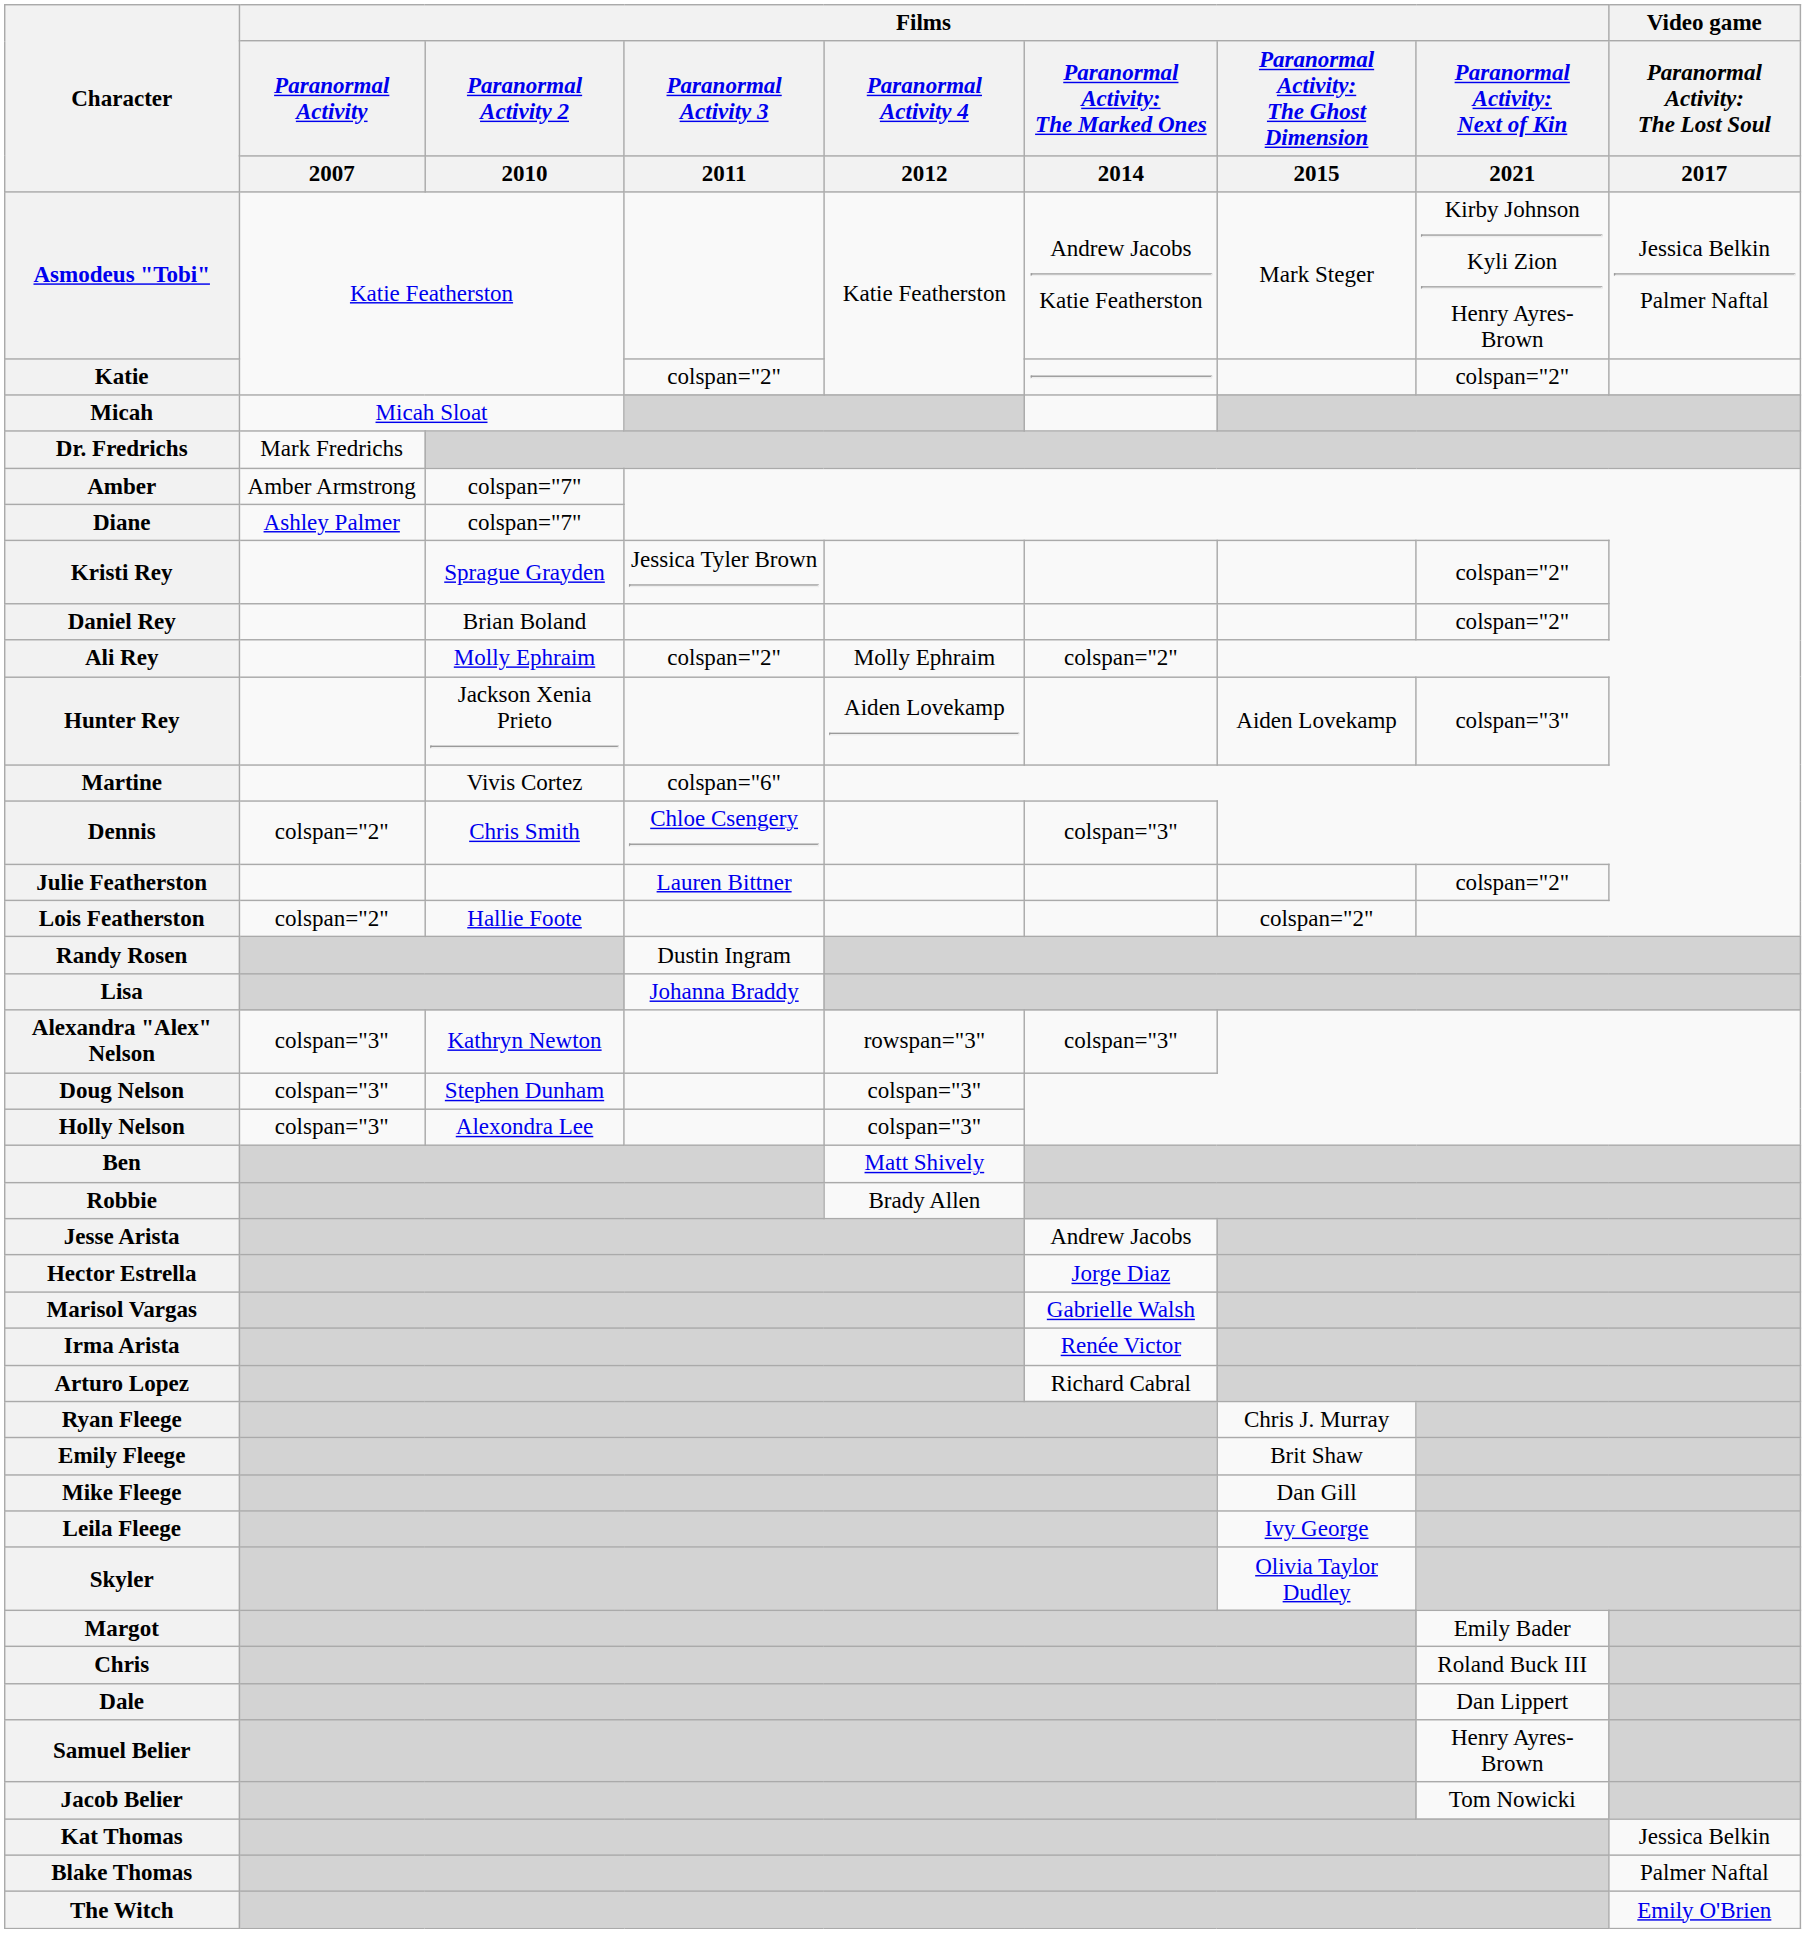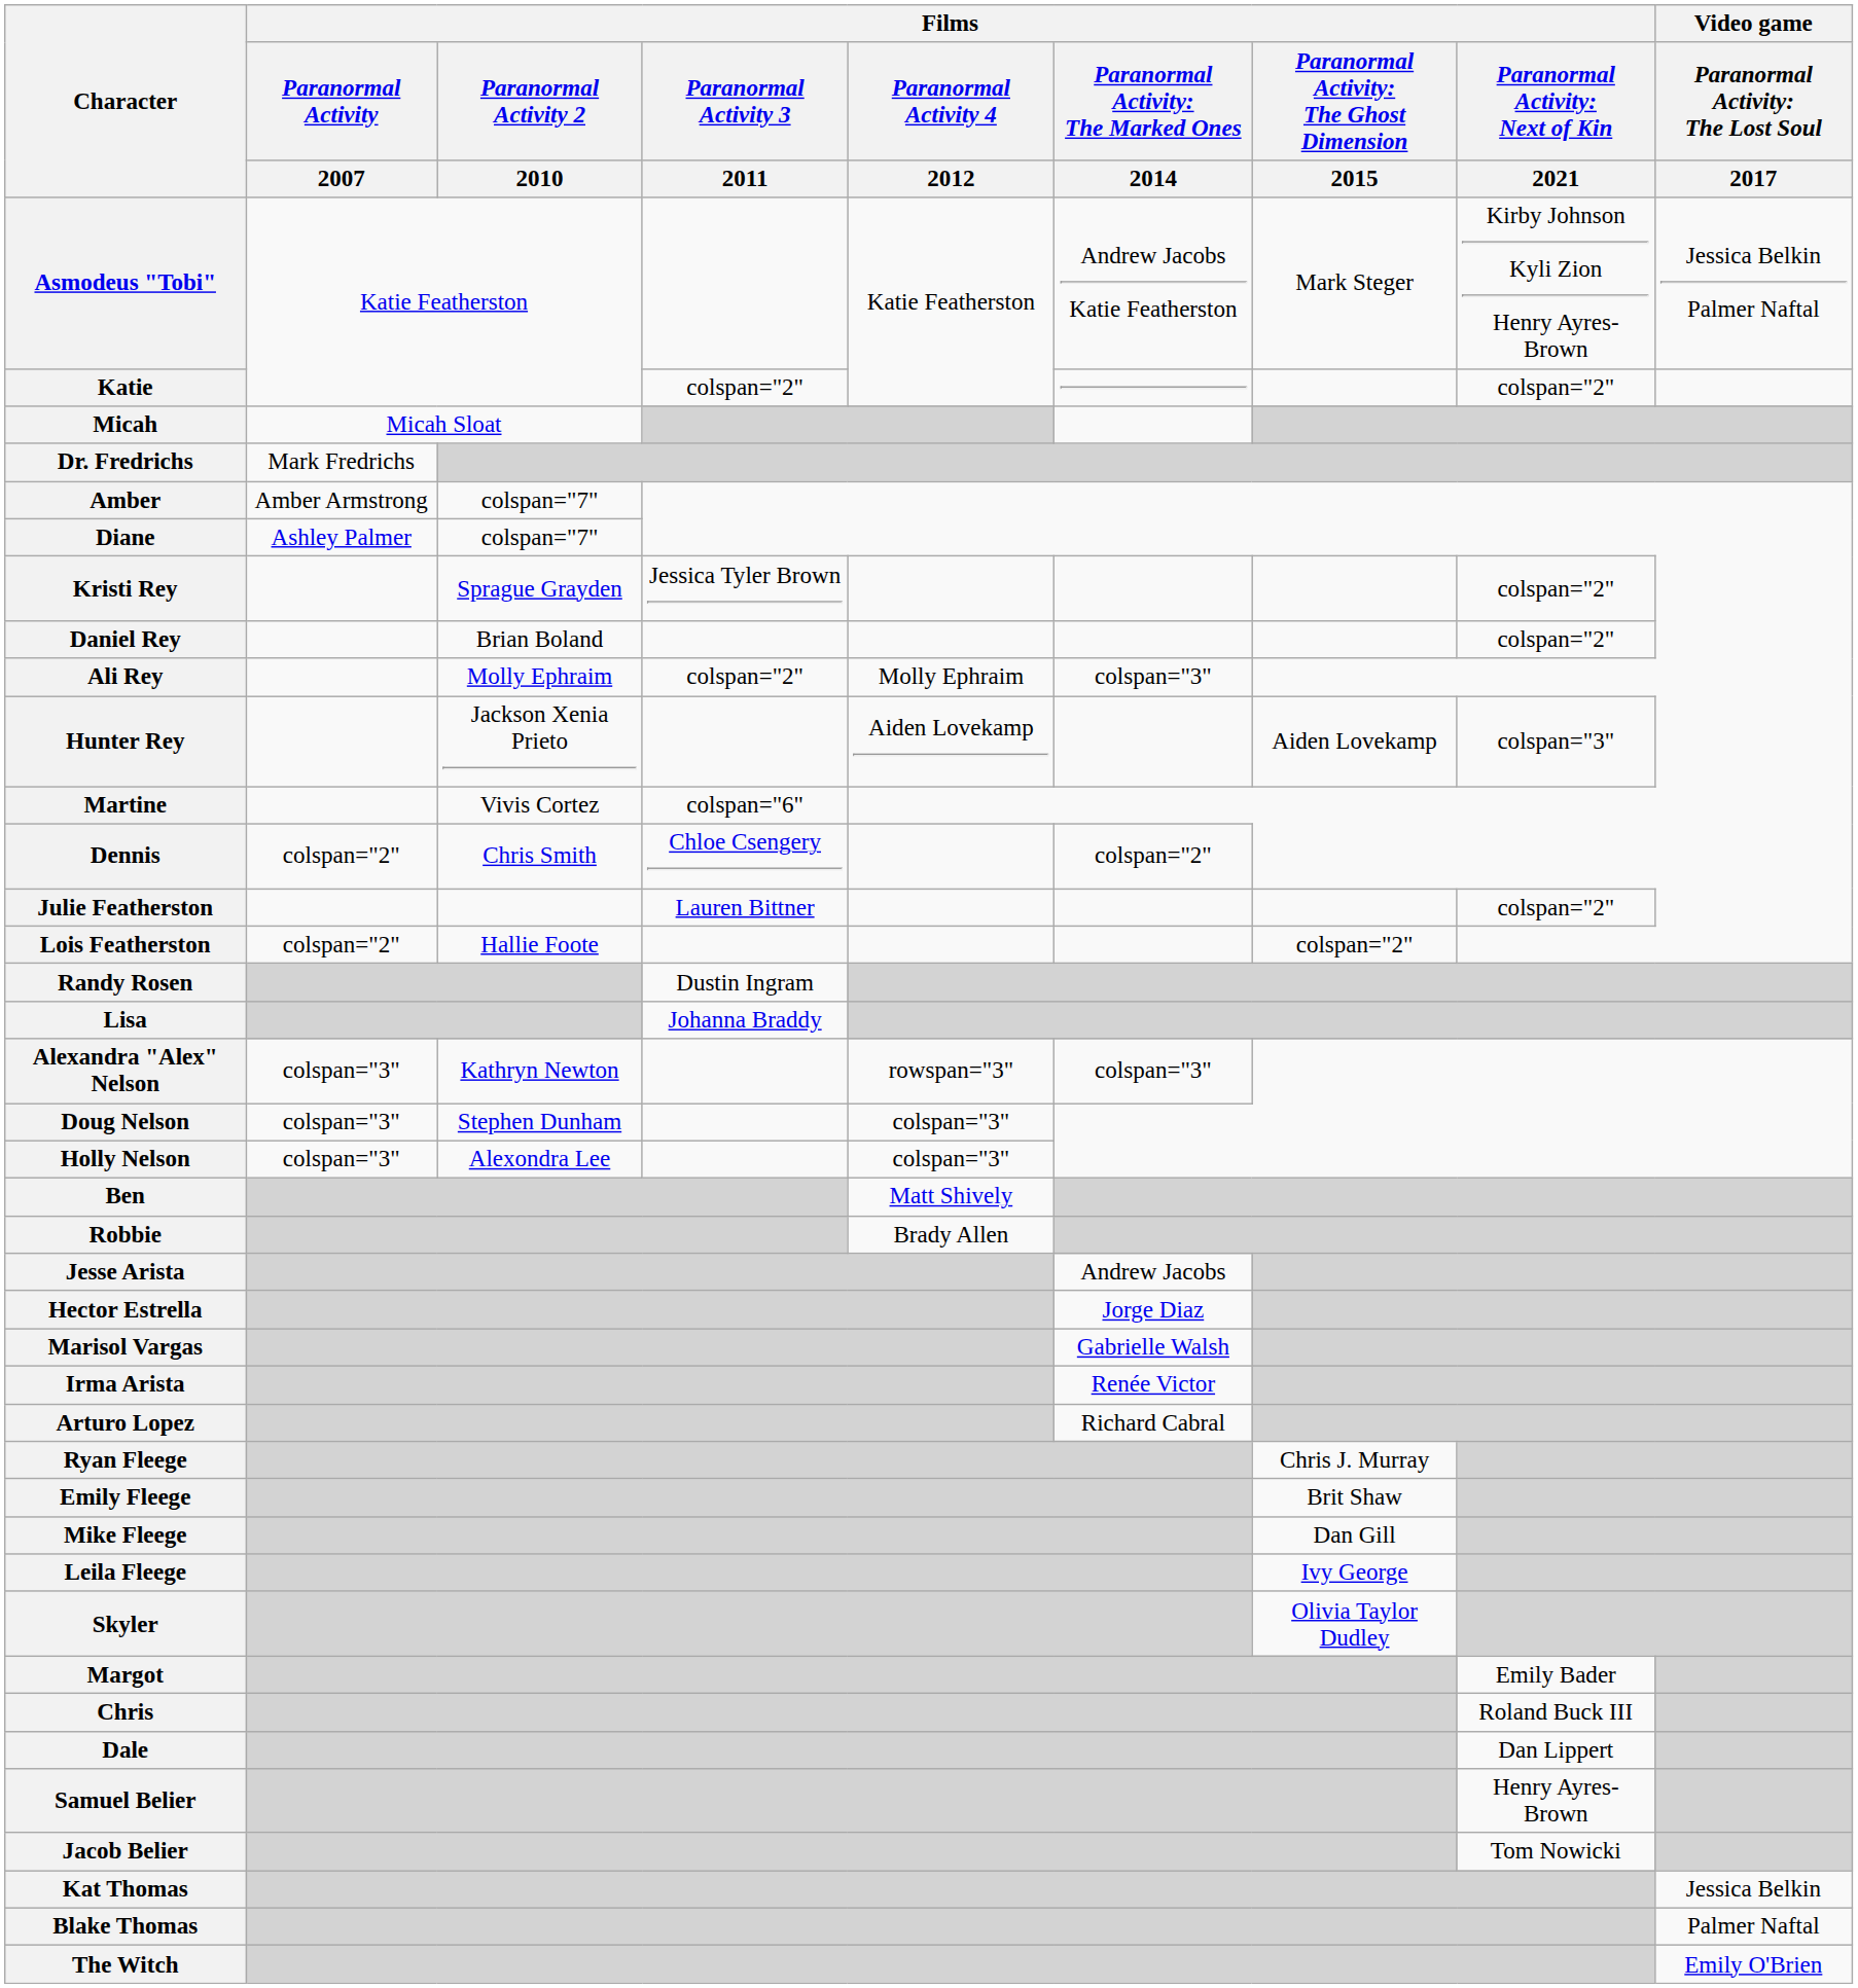 <table class="wikitable" style="text-align:center;">
 <tr>
 <th rowspan="3">Character</th>
 <th colspan="7">Films</th>
 <th>Video game</th>
 </tr>
 <tr>
 <th><em><a href='#'>Paranormal Activity</a></em></th>
 <th><em><a href='#'>Paranormal Activity 2</a></em></th>
 <th><em><a href='#'>Paranormal Activity 3</a></em></th>
 <th><em><a href='#'>Paranormal Activity 4</a></em></th>
 <th><em><a href='#'>Paranormal Activity:<br>The Marked Ones</a></em></th>
 <th><em><a href='#'>Paranormal Activity:<br>The Ghost Dimension</a></em></th>
 <th><em><a href='#'>Paranormal Activity:<br>Next of Kin</a></em></th>
 <th><em>Paranormal Activity:<br>The Lost Soul</em></th>
 </tr>
 <tr>
 <th>2007</th>
 <th>2010</th>
 <th>2011</th>
 <th>2012</th>
 <th>2014</th>
 <th>2015</th>
 <th>2021</th>
 <th>2017</th>
 </tr>
 <tr>
 <th><a href='#'>Asmodeus "Tobi"</a><br></th>
 <td colspan="2" rowspan="2"><a href='#'>Katie Featherston</a></td>
 <td></td>
 <td rowspan="2">Katie Featherston</td>
 <td>Andrew Jacobs<hr>Katie Featherston</td>
 <td>Mark Steger</td>
 <td>Kirby Johnson<hr>Kyli Zion<hr>Henry Ayres-Brown</td>
 <td>Jessica Belkin<hr>Palmer Naftal</td>
 </tr>
 <tr>
 <th>Katie</th>
 <td>colspan="2" </td>
 <td><hr></td>
 <td></td>
 <td>colspan="2" </td>
 </tr>
 <tr>
 <th>Micah</th>
 <td colspan="2"><a href='#'>Micah Sloat</a></td>
 <td colspan="2" style="background:lightgrey;"></td>
 <td></td>
 <td colspan="3" style="background:lightgrey;"></td>
 </tr>
 <tr>
 <th>Dr. Fredrichs</th>
 <td>Mark Fredrichs</td>
 <td colspan="7" style="background:lightgrey;"></td>
 </tr>
 <tr>
 <th>Amber</th>
 <td>Amber Armstrong</td>
 <td>colspan="7" </td>
 </tr>
 <tr>
 <th>Diane</th>
 <td><a href='#'>Ashley Palmer</a></td>
 <td>colspan="7" </td>
 </tr>
 <tr>
 <th>Kristi Rey</th>
 <td></td>
 <td><a href='#'>Sprague Grayden</a></td>
 <td>Jessica Tyler Brown<hr></td>
 <td></td>
 <td></td>
 <td></td>
 <td>colspan="2" </td>
 </tr>
 <tr>
 <th>Daniel Rey</th>
 <td></td>
 <td>Brian Boland</td>
 <td></td>
 <td></td>
 <td></td>
 <td></td>
 <td>colspan="2" </td>
 </tr>
 <tr>
 <th>Ali Rey</th>
 <td></td>
 <td><a href='#'>Molly Ephraim</a></td>
 <td>colspan="2" </td>
 <td>Molly Ephraim</td>
-<td>colspan="2" </td>
+<td>colspan="3" </td>
 </tr>
 <tr>
 <th>Hunter Rey<br></th>
 <td></td>
 <td>Jackson Xenia Prieto<hr></td>
 <td></td>
 <td>Aiden Lovekamp<hr></td>
 <td></td>
 <td>Aiden Lovekamp</td>
 <td>colspan="3" </td>
 </tr>
 <tr>
 <th>Martine</th>
 <td></td>
 <td>Vivis Cortez</td>
 <td>colspan="6" </td>
 </tr>
 <tr>
 <th>Dennis</th>
 <td>colspan="2" </td>
 <td><a href='#'>Chris Smith</a></td>
 <td><a href='#'>Chloe Csengery</a><hr></td>
 <td></td>
-<td>colspan="3" </td>
+<td>colspan="2" </td>
 </tr>
 <tr>
 <th>Julie Featherston</th>
 <td></td>
 <td></td>
 <td><a href='#'>Lauren Bittner</a></td>
 <td></td>
 <td></td>
 <td></td>
 <td>colspan="2" </td>
 </tr>
 <tr>
 <th>Lois Featherston</th>
 <td>colspan="2" </td>
 <td><a href='#'>Hallie Foote</a></td>
 <td></td>
 <td></td>
 <td></td>
 <td>colspan="2" </td>
 </tr>
 <tr>
 <th>Randy Rosen</th>
 <td colspan="2" style="background:lightgrey;"></td>
 <td>Dustin Ingram</td>
 <td colspan="5" style="background:lightgrey;"></td>
 </tr>
 <tr>
 <th>Lisa</th>
 <td colspan="2" style="background:lightgrey;"></td>
 <td><a href='#'>Johanna Braddy</a></td>
 <td colspan="5" style="background:lightgrey;"></td>
 </tr>
 <tr>
 <th>Alexandra "Alex" Nelson</th>
 <td>colspan="3" </td>
 <td><a href='#'>Kathryn Newton</a></td>
 <td></td>
 <td>rowspan="3" </td>
 <td>colspan="3" </td>
 </tr>
 <tr>
 <th>Doug Nelson</th>
 <td>colspan="3" </td>
 <td><a href='#'>Stephen Dunham</a></td>
 <td></td>
 <td>colspan="3" </td>
 </tr>
 <tr>
 <th>Holly Nelson</th>
 <td>colspan="3" </td>
 <td><a href='#'>Alexondra Lee</a></td>
 <td></td>
 <td>colspan="3" </td>
 </tr>
 <tr>
 <th>Ben</th>
 <td colspan="3" style="background:lightgrey;"></td>
 <td><a href='#'>Matt Shively</a></td>
 <td colspan="4" style="background:lightgrey;"></td>
 </tr>
 <tr>
 <th>Robbie</th>
 <td colspan="3" style="background:lightgrey;"></td>
 <td>Brady Allen</td>
 <td colspan="4" style="background:lightgrey;"></td>
 </tr>
 <tr>
 <th>Jesse Arista</th>
 <td colspan="4" style="background:lightgrey;"></td>
 <td>Andrew Jacobs</td>
 <td colspan="3" style="background:lightgrey;"></td>
 </tr>
 <tr>
 <th>Hector Estrella</th>
 <td colspan="4" style="background:lightgrey;"></td>
 <td><a href='#'>Jorge Diaz</a></td>
 <td colspan="3" style="background:lightgrey;"></td>
 </tr>
 <tr>
 <th>Marisol Vargas</th>
 <td colspan="4" style="background:lightgrey;"></td>
 <td><a href='#'>Gabrielle Walsh</a></td>
 <td colspan="3" style="background:lightgrey;"></td>
 </tr>
 <tr>
 <th>Irma Arista</th>
 <td colspan="4" style="background:lightgrey;"></td>
 <td><a href='#'>Renée Victor</a></td>
 <td colspan="3" style="background:lightgrey;"></td>
 </tr>
 <tr>
 <th>Arturo Lopez</th>
 <td colspan="4" style="background:lightgrey;"></td>
 <td>Richard Cabral</td>
 <td colspan="3" style="background:lightgrey;"></td>
 </tr>
 <tr>
 <th>Ryan Fleege</th>
 <td colspan="5" style="background:lightgrey;"></td>
 <td>Chris J. Murray</td>
 <td colspan="2" style="background:lightgrey;"></td>
 </tr>
 <tr>
 <th>Emily Fleege</th>
 <td colspan="5" style="background:lightgrey;"></td>
 <td>Brit Shaw</td>
 <td colspan="2" style="background:lightgrey;"></td>
 </tr>
 <tr>
 <th>Mike Fleege</th>
 <td colspan="5" style="background:lightgrey;"></td>
 <td>Dan Gill</td>
 <td colspan="2" style="background:lightgrey;"></td>
 </tr>
 <tr>
 <th>Leila Fleege</th>
 <td colspan="5" style="background:lightgrey;"></td>
 <td><a href='#'>Ivy George</a></td>
 <td colspan="2" style="background:lightgrey;"></td>
 </tr>
 <tr>
 <th>Skyler</th>
 <td colspan="5" style="background:lightgrey;"></td>
 <td><a href='#'>Olivia Taylor Dudley</a></td>
 <td colspan="2" style="background:lightgrey;"></td>
 </tr>
 <tr>
 <th>Margot</th>
 <td colspan="6" style="background:lightgrey;"></td>
 <td>Emily Bader</td>
 <td style="background:lightgrey;"></td>
 </tr>
 <tr>
 <th>Chris</th>
 <td colspan="6" style="background:lightgrey;"></td>
 <td>Roland Buck III</td>
 <td style="background:lightgrey;"></td>
 </tr>
 <tr>
 <th>Dale</th>
 <td colspan="6" style="background:lightgrey;"></td>
 <td>Dan Lippert</td>
 <td style="background:lightgrey;"></td>
 </tr>
 <tr>
 <th>Samuel Belier</th>
 <td colspan="6" style="background:lightgrey;"></td>
 <td>Henry Ayres-Brown</td>
 <td style="background:lightgrey;"></td>
 </tr>
 <tr>
 <th>Jacob Belier</th>
 <td colspan="6" style="background:lightgrey;"></td>
 <td>Tom Nowicki</td>
 <td style="background:lightgrey;"></td>
 </tr>
 <tr>
 <th>Kat Thomas</th>
 <td colspan="7" style="background:lightgrey;"></td>
 <td>Jessica Belkin</td>
 </tr>
 <tr>
 <th>Blake Thomas</th>
 <td colspan="7" style="background:lightgrey;"></td>
 <td>Palmer Naftal</td>
 </tr>
 <tr>
 <th>The Witch</th>
 <td colspan="7" style="background:lightgrey;"></td>
 <td><a href='#'>Emily O'Brien</a></td>
 </tr>
 </table>
